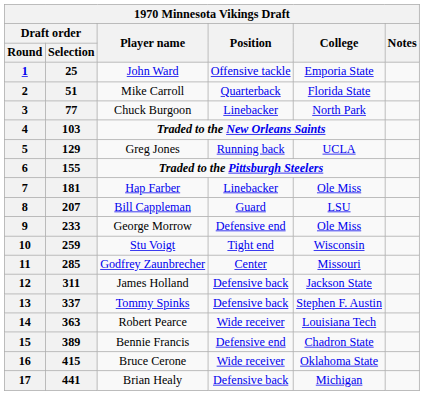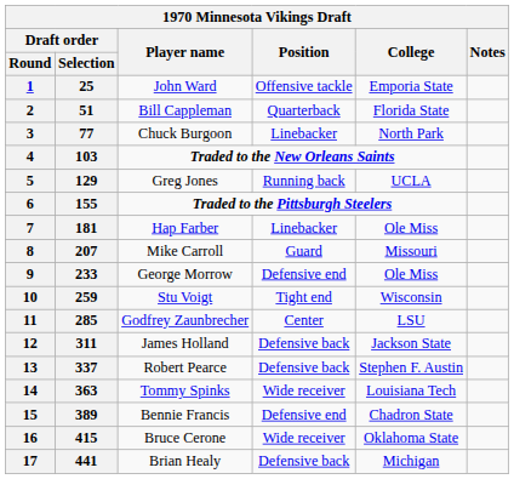 <table class="wikitable" style="text-align:center">
 <tr>
 <th colspan="6">1970 Minnesota Vikings Draft</th>
 </tr>
 <tr>
 <th colspan="2">Draft order</th>
 <th rowspan="2">Player name</th>
 <th rowspan="2">Position</th>
 <th rowspan="2">College</th>
 <th rowspan="2">Notes</th>
 </tr>
 <tr>
 <th>Round</th>
 <th>Selection</th>
 </tr>
 <tr>
 <th><a href='#'>1</a></th>
 <th>25</th>
 <td><a href='#'>John Ward</a></td>
 <td><a href='#'>Offensive tackle</a></td>
 <td><a href='#'>Emporia State</a></td>
 <td></td>
 </tr>
 <tr>
 <th>2</th>
 <th>51</th>
-<td>Mike Carroll</td>
+<td><a href='#'>Bill Cappleman</a></td>
 <td><a href='#'>Quarterback</a></td>
 <td><a href='#'>Florida State</a></td>
 <td></td>
 </tr>
 <tr>
 <th>3</th>
 <th>77</th>
 <td>Chuck Burgoon</td>
 <td><a href='#'>Linebacker</a></td>
 <td><a href='#'>North Park</a></td>
 <td></td>
 </tr>
 <tr>
 <th>4</th>
 <th>103</th>
 <td colspan="3"><strong><em>Traded to the <a href='#'>New Orleans Saints</a></em></strong></td>
 <td></td>
 </tr>
 <tr>
 <th>5</th>
 <th>129</th>
 <td>Greg Jones</td>
 <td><a href='#'>Running back</a></td>
 <td><a href='#'>UCLA</a></td>
 <td></td>
 </tr>
 <tr>
 <th>6</th>
 <th>155</th>
 <td colspan="3"><strong><em>Traded to the <a href='#'>Pittsburgh Steelers</a></em></strong></td>
 <td></td>
 </tr>
 <tr>
 <th>7</th>
 <th>181</th>
 <td><a href='#'>Hap Farber</a></td>
 <td><a href='#'>Linebacker</a></td>
 <td><a href='#'>Ole Miss</a></td>
 <td></td>
 </tr>
 <tr>
 <th>8</th>
 <th>207</th>
-<td><a href='#'>Bill Cappleman</a></td>
+<td>Mike Carroll</td>
 <td><a href='#'>Guard</a></td>
-<td><a href='#'>LSU</a></td>
+<td><a href='#'>Missouri</a></td>
 <td></td>
 </tr>
 <tr>
 <th>9</th>
 <th>233</th>
 <td>George Morrow</td>
 <td><a href='#'>Defensive end</a></td>
 <td><a href='#'>Ole Miss</a></td>
 <td></td>
 </tr>
 <tr>
 <th>10</th>
 <th>259</th>
 <td><a href='#'>Stu Voigt</a></td>
 <td><a href='#'>Tight end</a></td>
 <td><a href='#'>Wisconsin</a></td>
 <td></td>
 </tr>
 <tr>
 <th>11</th>
 <th>285</th>
 <td><a href='#'>Godfrey Zaunbrecher</a></td>
 <td><a href='#'>Center</a></td>
-<td><a href='#'>Missouri</a></td>
+<td><a href='#'>LSU</a></td>
 <td></td>
 </tr>
 <tr>
 <th>12</th>
 <th>311</th>
 <td>James Holland</td>
 <td><a href='#'>Defensive back</a></td>
 <td><a href='#'>Jackson State</a></td>
 <td></td>
 </tr>
 <tr>
 <th>13</th>
 <th>337</th>
-<td><a href='#'>Tommy Spinks</a></td>
+<td>Robert Pearce</td>
 <td><a href='#'>Defensive back</a></td>
 <td><a href='#'>Stephen F. Austin</a></td>
 <td></td>
 </tr>
 <tr>
 <th>14</th>
 <th>363</th>
-<td>Robert Pearce</td>
+<td><a href='#'>Tommy Spinks</a></td>
 <td><a href='#'>Wide receiver</a></td>
 <td><a href='#'>Louisiana Tech</a></td>
 <td></td>
 </tr>
 <tr>
 <th>15</th>
 <th>389</th>
 <td>Bennie Francis</td>
 <td><a href='#'>Defensive end</a></td>
 <td><a href='#'>Chadron State</a></td>
 <td></td>
 </tr>
 <tr>
 <th>16</th>
 <th>415</th>
 <td>Bruce Cerone</td>
 <td><a href='#'>Wide receiver</a></td>
 <td><a href='#'>Oklahoma State</a></td>
 <td></td>
 </tr>
 <tr>
 <th>17</th>
 <th>441</th>
 <td>Brian Healy</td>
 <td><a href='#'>Defensive back</a></td>
 <td><a href='#'>Michigan</a></td>
 <td></td>
 </tr>
 </table>
